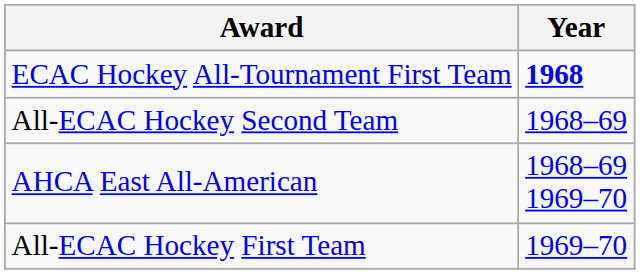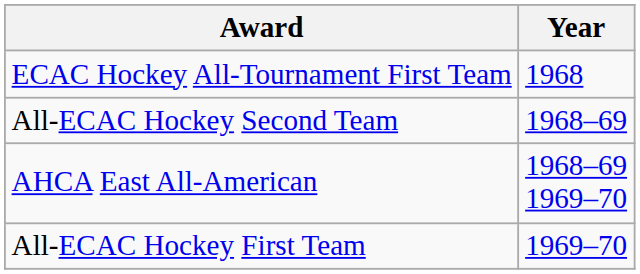 <table class="wikitable">
 <tr>
 <th>Award</th>
 <th>Year</th>
 </tr>
 <tr>
 <td><a href='#'>ECAC Hockey</a> <a href='#'>All-Tournament First Team</a></td>
-<td><strong><a href='#'>1968</a></strong></td>
+<td><a href='#'>1968</a></td>
 </tr>
 <tr>
 <td>All-<a href='#'>ECAC Hockey</a> <a href='#'>Second Team</a></td>
 <td><a href='#'>1968–69</a></td>
 </tr>
 <tr>
 <td><a href='#'>AHCA</a> <a href='#'>East All-American</a></td>
 <td><a href='#'>1968–69</a><br><a href='#'>1969–70</a></td>
 </tr>
 <tr>
 <td>All-<a href='#'>ECAC Hockey</a> <a href='#'>First Team</a></td>
 <td><a href='#'>1969–70</a></td>
 </tr>
 </table>
